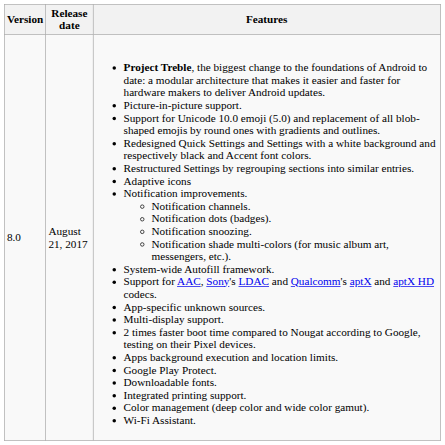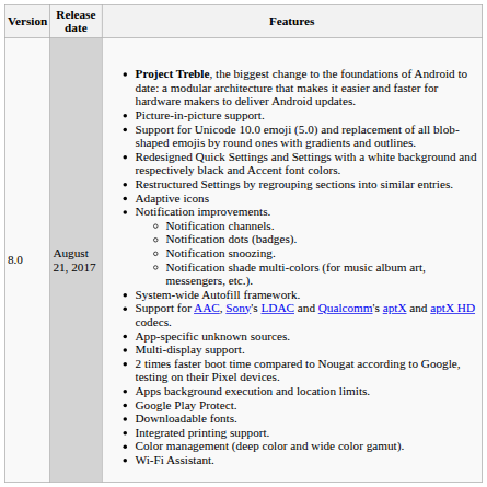 <table class="wikitable" style="width:100%;">
 <tr>
 <th style="width:2%;">Version</th>
 <th style="width:11%;">Release date</th>
 <th style="width:87%;">Features</th>
 </tr>
 <tr>
 <td>8.0</td>
-<td>August 21, 2017</td>
+<td style="background: lightgrey;">August 21, 2017</td>
 <td><br><ul><li><strong>Project Treble</strong>, the biggest change to the foundations of Android to date: a modular architecture that makes it easier and faster for hardware makers to deliver Android updates.</li><li>Picture-in-picture support.</li><li>Support for Unicode 10.0 emoji (5.0) and replacement of all blob-shaped emojis by round ones with gradients and outlines.</li><li>Redesigned Quick Settings and Settings with a white background and respectively black and Accent font colors.</li><li>Restructured Settings by regrouping sections into similar entries.</li><li>Adaptive icons</li><li>Notification improvements.<ul><li>Notification channels.</li><li>Notification dots (badges).</li><li>Notification snoozing.</li><li>Notification shade multi-colors (for music album art, messengers, etc.).</li></ul></li><li>System-wide Autofill framework.</li><li>Support for <a href='#'>AAC</a>, <a href='#'>Sony</a>'s <a href='#'>LDAC</a> and <a href='#'>Qualcomm</a>'s <a href='#'>aptX</a> and <a href='#'>aptX HD</a> codecs.</li><li>App-specific unknown sources.</li><li>Multi-display support.</li><li>2 times faster boot time compared to Nougat according to Google, testing on their Pixel devices.</li><li>Apps background execution and location limits.</li><li>Google Play Protect.</li><li>Downloadable fonts.</li><li>Integrated printing support.</li><li>Color management (deep color and wide color gamut).</li><li>Wi-Fi Assistant.</li></ul></td>
 </tr>
 </table>
